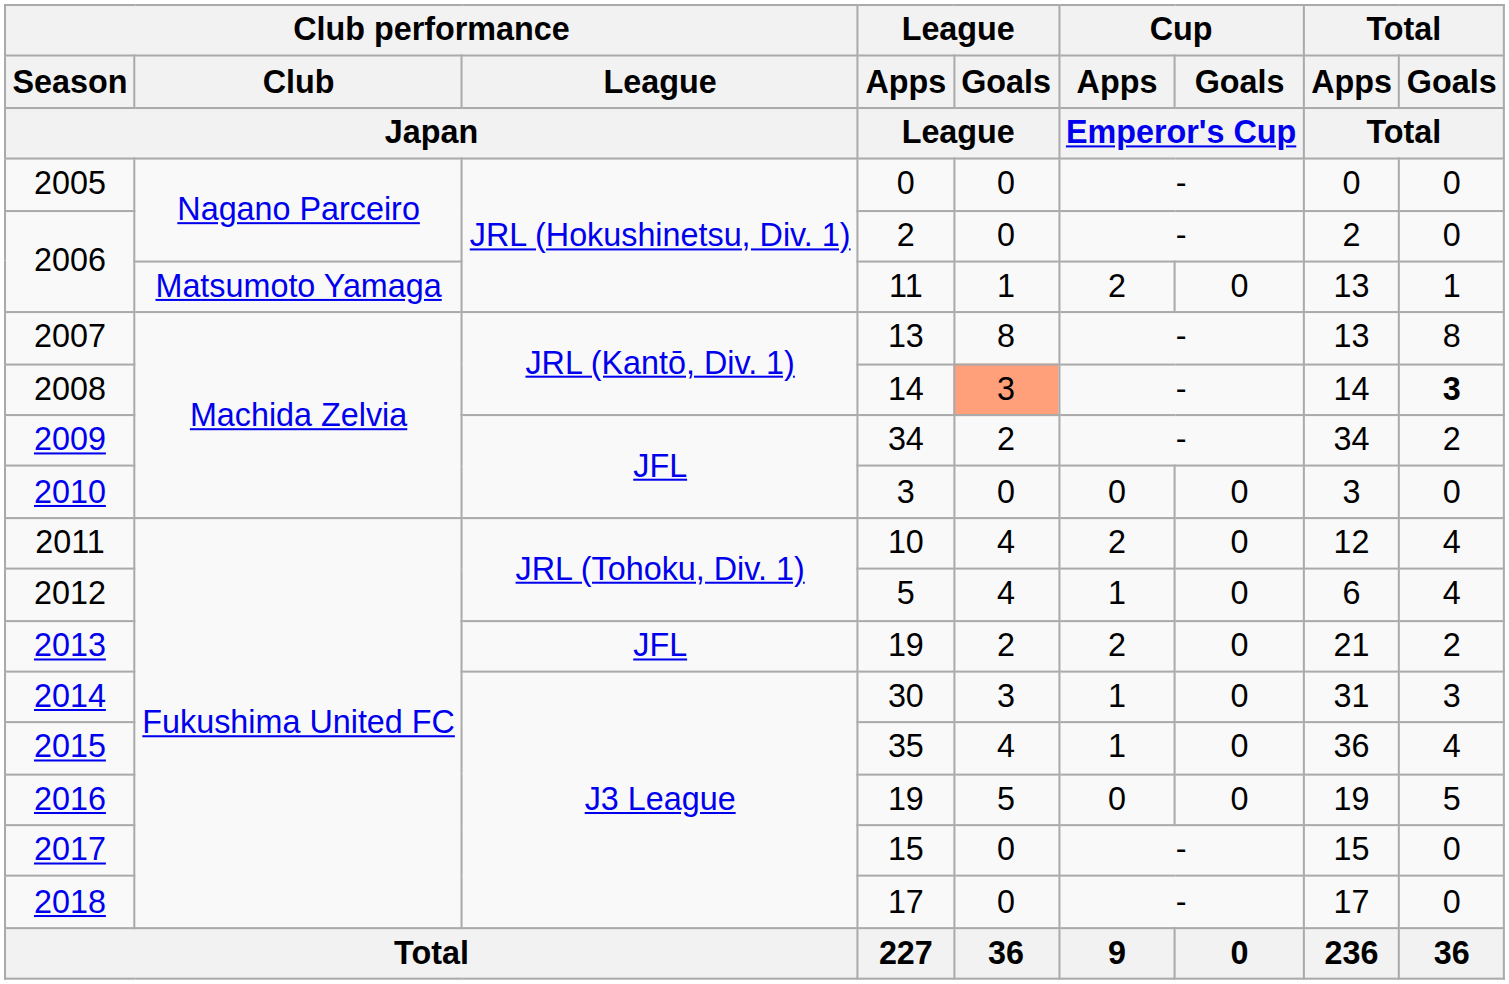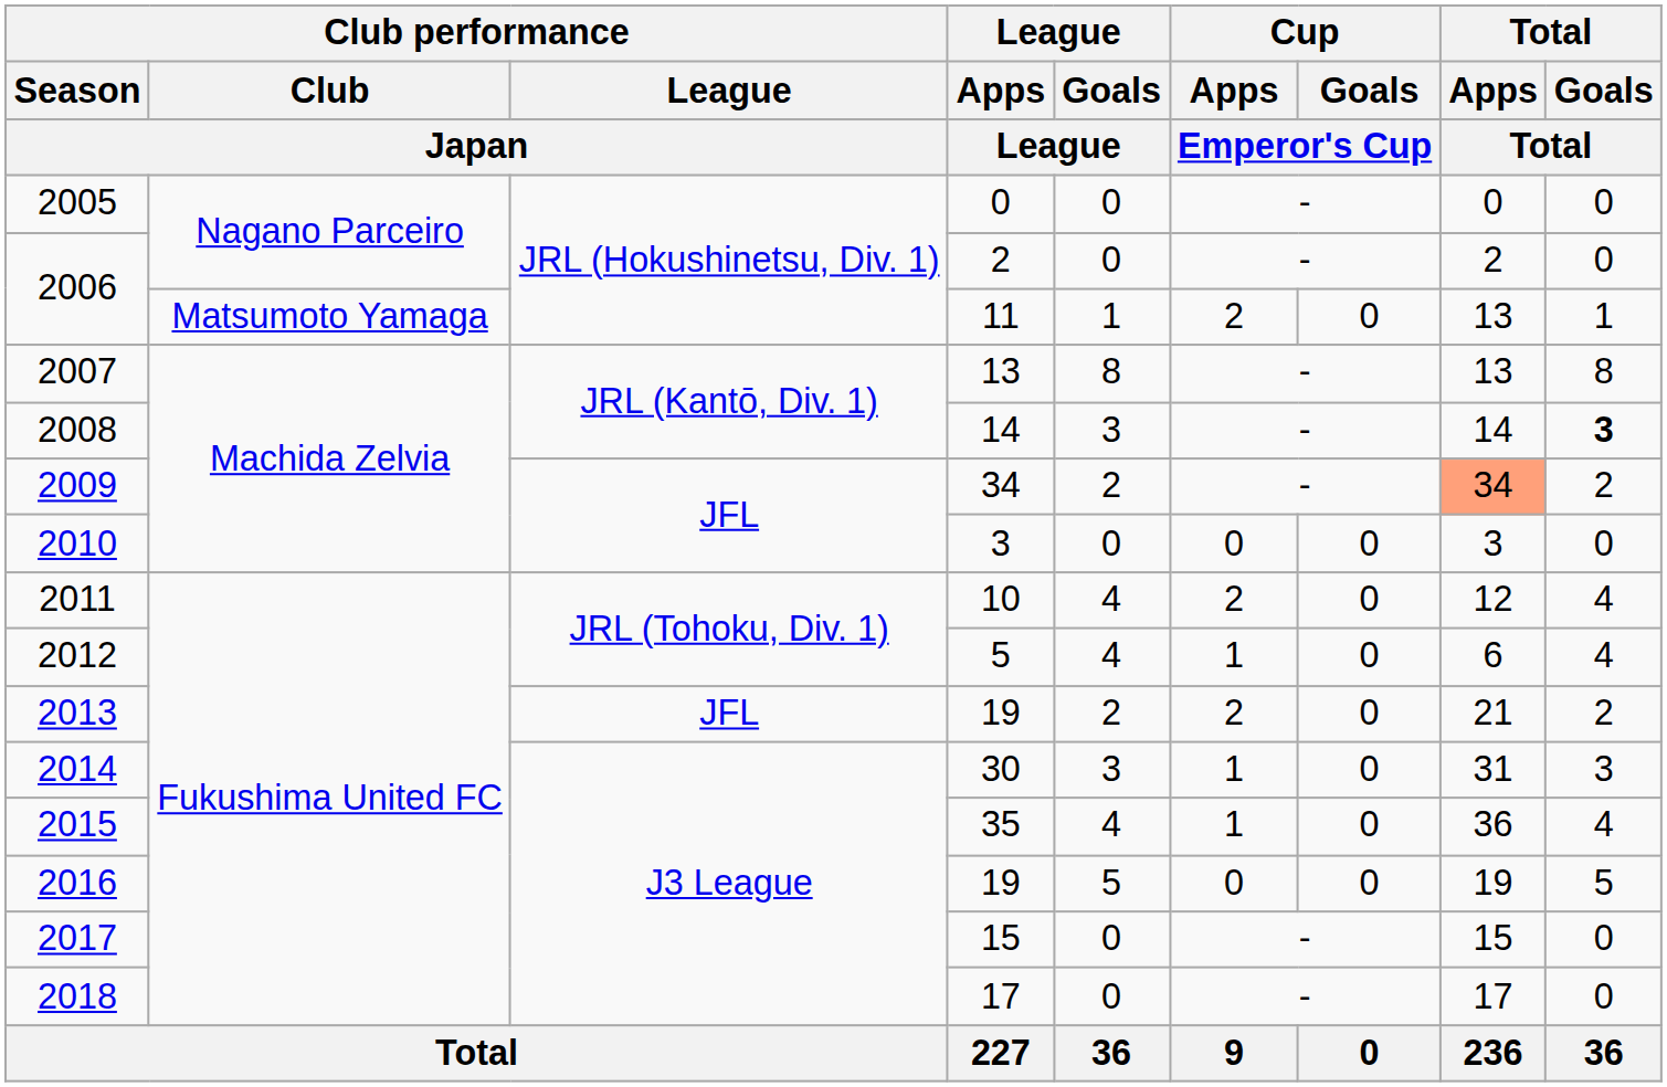 <table class="wikitable" style="text-align:center;">
 <tr>
 <th colspan=3>Club performance</th>
 <th colspan=2>League</th>
 <th colspan=2>Cup</th>
 <th colspan=2>Total</th>
 </tr>
 <tr>
 <th>Season</th>
 <th>Club</th>
 <th>League</th>
 <th>Apps</th>
 <th>Goals</th>
 <th>Apps</th>
 <th>Goals</th>
 <th>Apps</th>
 <th>Goals</th>
 </tr>
 <tr>
 <th colspan=3>Japan</th>
 <th colspan=2>League</th>
 <th colspan=2><a href='#'>Emperor's Cup</a></th>
 <th colspan=2>Total</th>
 </tr>
 <tr>
 <td>2005</td>
 <td rowspan="2"><a href='#'>Nagano Parceiro</a></td>
 <td rowspan="3"><a href='#'>JRL (Hokushinetsu, Div. 1)</a></td>
 <td>0</td>
 <td>0</td>
 <td colspan="2">-</td>
 <td>0</td>
 <td>0</td>
 </tr>
 <tr>
 <td rowspan="2">2006</td>
 <td>2</td>
 <td>0</td>
 <td colspan="2">-</td>
 <td>2</td>
 <td>0</td>
 </tr>
 <tr>
 <td><a href='#'>Matsumoto Yamaga</a></td>
 <td>11</td>
 <td>1</td>
 <td>2</td>
 <td>0</td>
 <td>13</td>
 <td>1</td>
 </tr>
 <tr>
 <td>2007</td>
 <td rowspan="4"><a href='#'>Machida Zelvia</a></td>
 <td rowspan="2"><a href='#'>JRL (Kantō, Div. 1)</a></td>
 <td>13</td>
 <td>8</td>
 <td colspan="2">-</td>
 <td>13</td>
 <td>8</td>
 </tr>
 <tr>
 <td>2008</td>
 <td>14</td>
-<td style="background: lightsalmon;">3</td>
+<td>3</td>
 <td colspan="2">-</td>
 <td>14</td>
 <td><strong>3</strong></td>
 </tr>
 <tr>
 <td><a href='#'>2009</a></td>
 <td rowspan="2"><a href='#'>JFL</a></td>
 <td>34</td>
 <td>2</td>
 <td colspan="2">-</td>
-<td>34</td>
+<td style="background: lightsalmon;">34</td>
 <td>2</td>
 </tr>
 <tr>
 <td><a href='#'>2010</a></td>
 <td>3</td>
 <td>0</td>
 <td>0</td>
 <td>0</td>
 <td>3</td>
 <td>0</td>
 </tr>
 <tr>
 <td>2011</td>
 <td rowspan="8"><a href='#'>Fukushima United FC</a></td>
 <td rowspan="2"><a href='#'>JRL (Tohoku, Div. 1)</a></td>
 <td>10</td>
 <td>4</td>
 <td>2</td>
 <td>0</td>
 <td>12</td>
 <td>4</td>
 </tr>
 <tr>
 <td>2012</td>
 <td>5</td>
 <td>4</td>
 <td>1</td>
 <td>0</td>
 <td>6</td>
 <td>4</td>
 </tr>
 <tr>
 <td><a href='#'>2013</a></td>
 <td><a href='#'>JFL</a></td>
 <td>19</td>
 <td>2</td>
 <td>2</td>
 <td>0</td>
 <td>21</td>
 <td>2</td>
 </tr>
 <tr>
 <td><a href='#'>2014</a></td>
 <td rowspan="5"><a href='#'>J3 League</a></td>
 <td>30</td>
 <td>3</td>
 <td>1</td>
 <td>0</td>
 <td>31</td>
 <td>3</td>
 </tr>
 <tr>
 <td><a href='#'>2015</a></td>
 <td>35</td>
 <td>4</td>
 <td>1</td>
 <td>0</td>
 <td>36</td>
 <td>4</td>
 </tr>
 <tr>
 <td><a href='#'>2016</a></td>
 <td>19</td>
 <td>5</td>
 <td>0</td>
 <td>0</td>
 <td>19</td>
 <td>5</td>
 </tr>
 <tr>
 <td><a href='#'>2017</a></td>
 <td>15</td>
 <td>0</td>
 <td colspan="2">-</td>
 <td>15</td>
 <td>0</td>
 </tr>
 <tr>
 <td><a href='#'>2018</a></td>
 <td>17</td>
 <td>0</td>
 <td colspan="2">-</td>
 <td>17</td>
 <td>0</td>
 </tr>
 <tr>
 <th colspan=3>Total</th>
 <th>227</th>
 <th>36</th>
 <th>9</th>
 <th>0</th>
 <th>236</th>
 <th>36</th>
 </tr>
 </table>
